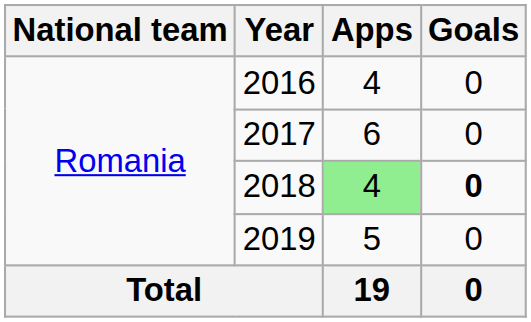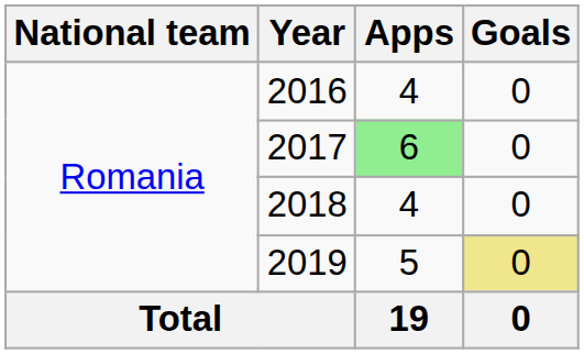 <table class="wikitable" style="text-align: center">
 <tr>
 <th>National team</th>
 <th>Year</th>
 <th>Apps</th>
 <th>Goals</th>
 </tr>
 <tr>
 <td rowspan="4"><a href='#'>Romania</a></td>
 <td>2016</td>
 <td>4</td>
 <td>0</td>
 </tr>
 <tr>
 <td>2017</td>
-<td>6</td>
+<td style="background: lightgreen;">6</td>
 <td>0</td>
 </tr>
 <tr>
 <td>2018</td>
-<td style="background: lightgreen;">4</td>
-<td><strong>0</strong></td>
+<td>4</td>
+<td>0</td>
 </tr>
 <tr>
 <td>2019</td>
 <td>5</td>
-<td>0</td>
+<td style="background: khaki;">0</td>
 </tr>
 <tr>
 <th colspan=2>Total</th>
 <th>19</th>
 <th>0</th>
 </tr>
 </table>
